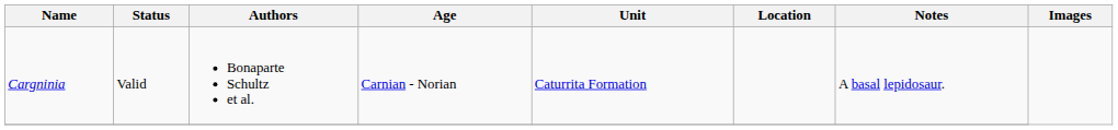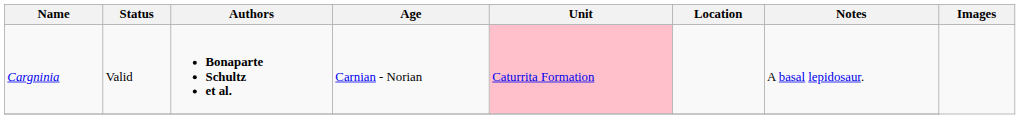 <table class="wikitable sortable" align="center" width="100%">
 <tr>
 <th>Name</th>
 <th>Status</th>
 <th>Authors</th>
 <th>Age</th>
 <th>Unit</th>
 <th>Location</th>
 <th>Notes</th>
 <th>Images</th>
 </tr>
 <tr>
 <td><br><em><a href='#'>Cargninia</a></em></td>
 <td><br>Valid</td>
-<td><br><ul><li>Bonaparte</li><li>Schultz</li><li>et al.</li></ul></td>
+<td><strong><br><ul><li>Bonaparte</li><li>Schultz</li><li>et al.</li></ul></strong></td>
 <td><br><a href='#'>Carnian</a> - Norian</td>
-<td><br><a href='#'>Caturrita Formation</a></td>
+<td style="background: pink;"><br><a href='#'>Caturrita Formation</a></td>
 <td><br></td>
 <td><br>A <a href='#'>basal</a> <a href='#'>lepidosaur</a>.</td>
 <td rowspan="47"></td>
 </tr>
 <tr>
 </tr>
 </table>
